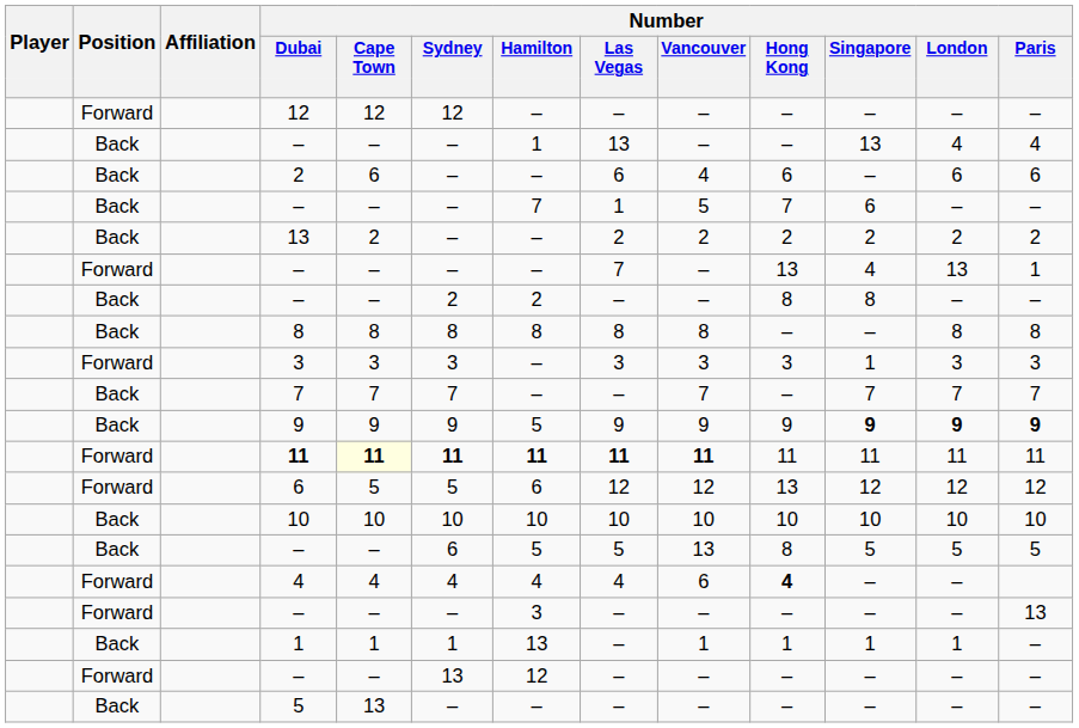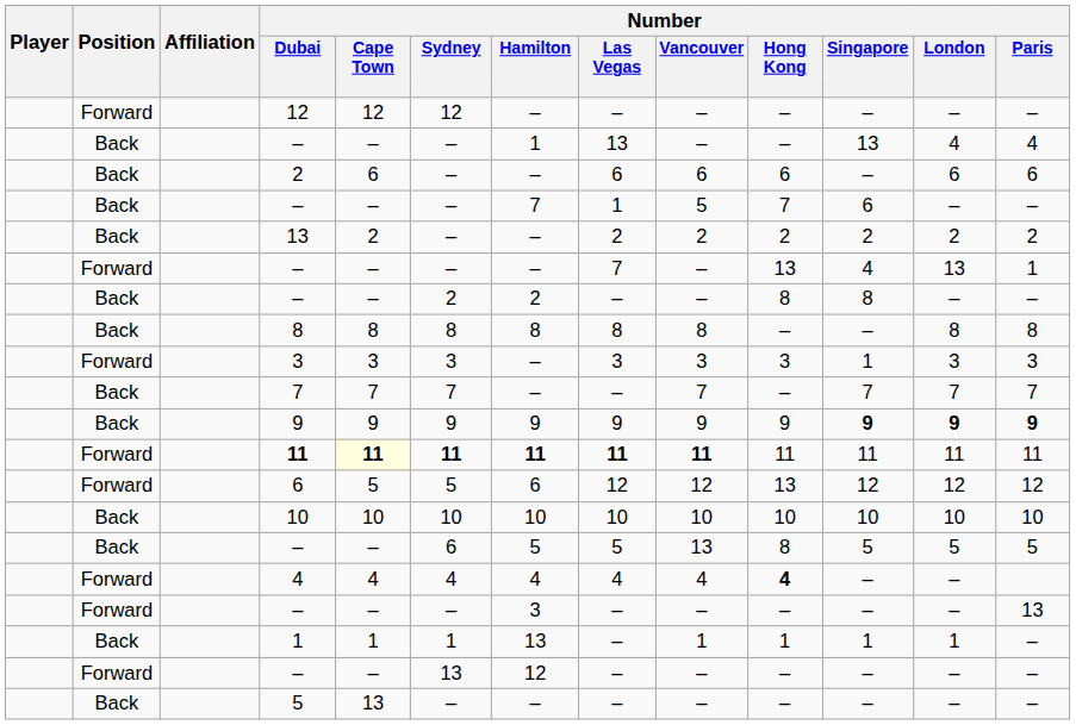 <table class="wikitable sortable" style="text-align:center;">
 <tr>
 <th rowspan=2 style="border-bottom:0px;">Player</th>
 <th rowspan=2 style="border-bottom:0px;">Position</th>
 <th rowspan=2 style="border-bottom:0px;">Affiliation</th>
 <th colspan=10>Number</th>
 </tr>
 <tr>
 <th valign=top style="width:5.2em; border-bottom:0px; padding:2px; font-size:85%;"><a href='#'>Dubai</a></th>
 <th valign=top style="width:5.2em; border-bottom:0px; padding:2px; font-size:85%;"><a href='#'>Cape Town</a></th>
 <th valign=top style="width:5.2em; border-bottom:0px; padding:2px; font-size:85%;"><a href='#'>Sydney</a></th>
 <th valign=top style="width:5.2em; border-bottom:0px; padding:2px; font-size:85%;"><a href='#'>Hamilton</a></th>
 <th valign=top style="width:5.2em; border-bottom:0px; padding:2px; font-size:85%;"><a href='#'>Las<br>Vegas</a></th>
 <th valign=top style="width:5.2em; border-bottom:0px; padding:2px; font-size:85%;"><a href='#'>Vancouver</a></th>
 <th valign=top style="width:5.2em; border-bottom:0px; padding:2px; font-size:85%;"><a href='#'>Hong Kong</a></th>
 <th valign=top style="width:5.2em; border-bottom:0px; padding:2px; font-size:85%;"><a href='#'>Singapore</a></th>
 <th valign=top style="width:5.2em; border-bottom:0px; padding:2px; font-size:85%;"><a href='#'>London</a></th>
 <th valign=top style="width:5.2em; border-bottom:0px; padding:2px; font-size:85%;"><a href='#'>Paris</a></th>
 </tr>
 <tr style="line-height:8px;">
 <th style="border-top:0px;"> </th>
 <th style="border-top:0px;"></th>
 <th style="border-top:0px;"></th>
 <th data-sort-type="number" style="border-top:0px;"></th>
 <th data-sort-type="number" style="border-top:0px;"></th>
 <th data-sort-type="number" style="border-top:0px;"></th>
 <th data-sort-type="number" style="border-top:0px;"></th>
 <th data-sort-type="number" style="border-top:0px;"></th>
 <th data-sort-type="number" style="border-top:0px;"></th>
 <th data-sort-type="number" style="border-top:0px;"></th>
 <th data-sort-type="number" style="border-top:0px;"></th>
 <th data-sort-type="number" style="border-top:0px;"></th>
 <th data-sort-type="number" style="border-top:0px;"></th>
 </tr>
 <tr>
 <td align=left></td>
 <td>Forward</td>
 <td></td>
 <td>12</td>
 <td>12</td>
 <td>12</td>
 <td>–</td>
 <td>–</td>
 <td>–</td>
 <td>–</td>
 <td>–</td>
 <td>–</td>
 <td>–</td>
 </tr>
 <tr>
 <td align=left></td>
 <td>Back</td>
 <td></td>
 <td>–</td>
 <td>–</td>
 <td>–</td>
 <td>1</td>
 <td>13</td>
 <td>–</td>
 <td>–</td>
 <td>13</td>
 <td>4</td>
 <td>4</td>
 </tr>
 <tr>
 <td align=left></td>
 <td>Back</td>
 <td></td>
 <td>2</td>
 <td>6</td>
 <td>–</td>
 <td>–</td>
 <td>6</td>
-<td>4</td>
+<td>6</td>
 <td>6</td>
 <td>–</td>
 <td>6</td>
 <td>6</td>
 </tr>
 <tr>
 <td align=left></td>
 <td>Back</td>
 <td></td>
 <td>–</td>
 <td>–</td>
 <td>–</td>
 <td>7</td>
 <td>1</td>
 <td>5</td>
 <td>7</td>
 <td>6</td>
 <td>–</td>
 <td>–</td>
 </tr>
 <tr>
 <td align=left></td>
 <td>Back</td>
 <td></td>
 <td>13</td>
 <td>2</td>
 <td>–</td>
 <td>–</td>
 <td>2</td>
 <td>2</td>
 <td>2</td>
 <td>2</td>
 <td>2</td>
 <td>2</td>
 </tr>
 <tr>
 <td align=left></td>
 <td>Forward</td>
 <td></td>
 <td>–</td>
 <td>–</td>
 <td>–</td>
 <td>–</td>
 <td>7</td>
 <td>–</td>
 <td>13</td>
 <td>4</td>
 <td>13</td>
 <td>1</td>
 </tr>
 <tr>
 <td align=left></td>
 <td>Back</td>
 <td></td>
 <td>–</td>
 <td>–</td>
 <td>2</td>
 <td>2</td>
 <td>–</td>
 <td>–</td>
 <td>8</td>
 <td>8</td>
 <td>–</td>
 <td>–</td>
 </tr>
 <tr>
 <td align=left></td>
 <td>Back</td>
 <td></td>
 <td>8</td>
 <td>8</td>
 <td>8</td>
 <td>8</td>
 <td>8</td>
 <td>8</td>
 <td>–</td>
 <td>–</td>
 <td>8</td>
 <td>8</td>
 </tr>
 <tr>
 <td align=left></td>
 <td>Forward</td>
 <td></td>
 <td>3</td>
 <td>3</td>
 <td>3</td>
 <td>–</td>
 <td>3</td>
 <td>3</td>
 <td>3</td>
 <td>1</td>
 <td>3</td>
 <td>3</td>
 </tr>
 <tr>
 <td align=left></td>
 <td>Back</td>
 <td></td>
 <td>7</td>
 <td>7</td>
 <td>7</td>
 <td>–</td>
 <td>–</td>
 <td>7</td>
 <td>–</td>
 <td>7</td>
 <td>7</td>
 <td>7</td>
 </tr>
 <tr>
 <td align=left></td>
 <td>Back</td>
 <td></td>
 <td>9</td>
 <td>9</td>
 <td>9</td>
-<td>5</td>
+<td>9</td>
 <td>9</td>
 <td>9</td>
 <td>9</td>
 <td><strong>9</strong></td>
 <td><strong>9</strong></td>
 <td><strong>9</strong></td>
 </tr>
 <tr>
 <td align=left></td>
 <td>Forward</td>
 <td></td>
 <td><strong>11</strong></td>
 <td style="background: lightyellow;"><strong>11</strong></td>
 <td><strong>11</strong></td>
 <td><strong>11</strong></td>
 <td><strong>11</strong></td>
 <td><strong>11</strong></td>
 <td>11</td>
 <td>11</td>
 <td>11</td>
 <td>11</td>
 </tr>
 <tr>
 <td align=left></td>
 <td>Forward</td>
 <td></td>
 <td>6</td>
 <td>5</td>
 <td>5</td>
 <td>6</td>
 <td>12</td>
 <td>12</td>
 <td>13</td>
 <td>12</td>
 <td>12</td>
 <td>12</td>
 </tr>
 <tr>
 <td align=left></td>
 <td>Back</td>
 <td></td>
 <td>10</td>
 <td>10</td>
 <td>10</td>
 <td>10</td>
 <td>10</td>
 <td>10</td>
 <td>10</td>
 <td>10</td>
 <td>10</td>
 <td>10</td>
 </tr>
 <tr>
 <td align=left></td>
 <td>Back</td>
 <td></td>
 <td>–</td>
 <td>–</td>
 <td>6</td>
 <td>5</td>
 <td>5</td>
 <td>13</td>
 <td>8</td>
 <td>5</td>
 <td>5</td>
 <td>5</td>
 </tr>
 <tr>
 <td align=left></td>
 <td>Forward</td>
 <td></td>
 <td>4</td>
 <td>4</td>
 <td>4</td>
 <td>4</td>
 <td>4</td>
-<td>6</td>
+<td>4</td>
 <td><strong>4</strong></td>
 <td>–</td>
 <td>–</td>
 <td></td>
 </tr>
 <tr>
 <td align=left></td>
 <td>Forward</td>
 <td></td>
 <td>–</td>
 <td>–</td>
 <td>–</td>
 <td>3</td>
 <td>–</td>
 <td>–</td>
 <td>–</td>
 <td>–</td>
 <td>–</td>
 <td>13</td>
 </tr>
 <tr>
 <td align=left></td>
 <td>Back</td>
 <td></td>
 <td>1</td>
 <td>1</td>
 <td>1</td>
 <td>13</td>
 <td>–</td>
 <td>1</td>
 <td>1</td>
 <td>1</td>
 <td>1</td>
 <td>–</td>
 </tr>
 <tr>
 <td align=left></td>
 <td>Forward</td>
 <td></td>
 <td>–</td>
 <td>–</td>
 <td>13</td>
 <td>12</td>
 <td>–</td>
 <td>–</td>
 <td>–</td>
 <td>–</td>
 <td>–</td>
 <td>–</td>
 </tr>
 <tr>
 <td align=left></td>
 <td>Back</td>
 <td></td>
 <td>5</td>
 <td>13</td>
 <td>–</td>
 <td>–</td>
 <td>–</td>
 <td>–</td>
 <td>–</td>
 <td>–</td>
 <td>–</td>
 <td>–</td>
 </tr>
 </table>
